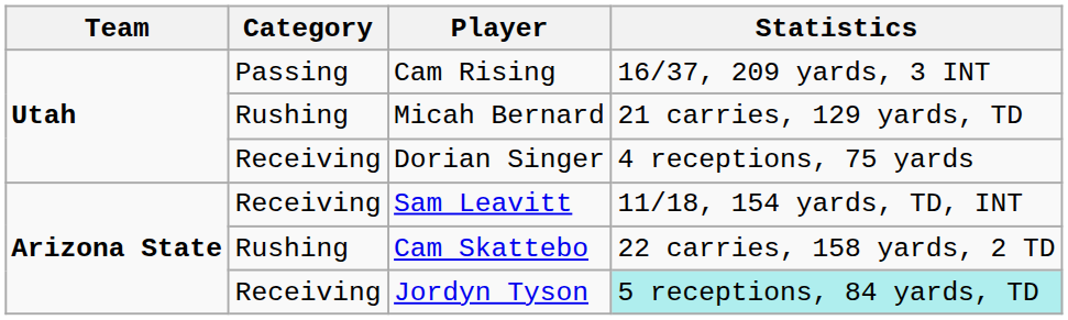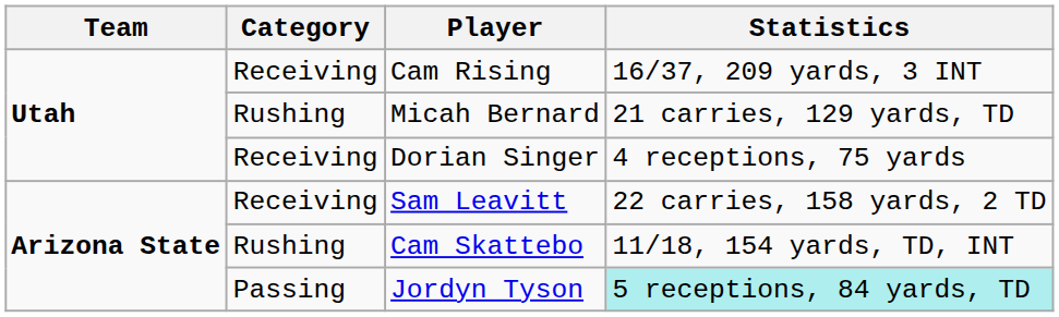 <table class="wikitable" style="float: right;">
 <tr>
 <th>Team</th>
 <th>Category</th>
 <th>Player</th>
 <th>Statistics</th>
 </tr>
 <tr>
 <td rowspan=3><strong>Utah</strong></td>
-<td>Passing</td>
+<td>Receiving</td>
 <td>Cam Rising</td>
 <td>16/37, 209 yards, 3 INT</td>
 </tr>
 <tr>
 <td>Rushing</td>
 <td>Micah Bernard</td>
 <td>21 carries, 129 yards, TD</td>
 </tr>
 <tr>
 <td>Receiving</td>
 <td>Dorian Singer</td>
 <td>4 receptions, 75 yards</td>
 </tr>
 <tr>
 <td rowspan=3><strong>Arizona State</strong></td>
 <td>Receiving</td>
 <td><a href='#'>Sam Leavitt</a></td>
-<td>11/18, 154 yards, TD, INT</td>
+<td>22 carries, 158 yards, 2 TD</td>
 </tr>
 <tr>
 <td>Rushing</td>
 <td><a href='#'>Cam Skattebo</a></td>
-<td>22 carries, 158 yards, 2 TD</td>
+<td>11/18, 154 yards, TD, INT</td>
 </tr>
 <tr>
-<td>Receiving</td>
+<td>Passing</td>
 <td><a href='#'>Jordyn Tyson</a></td>
 <td style="background: paleturquoise;">5 receptions, 84 yards, TD</td>
 </tr>
 </table>
